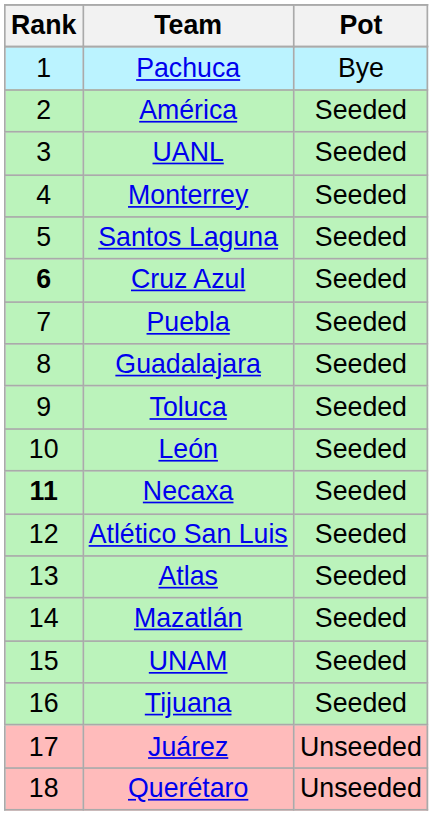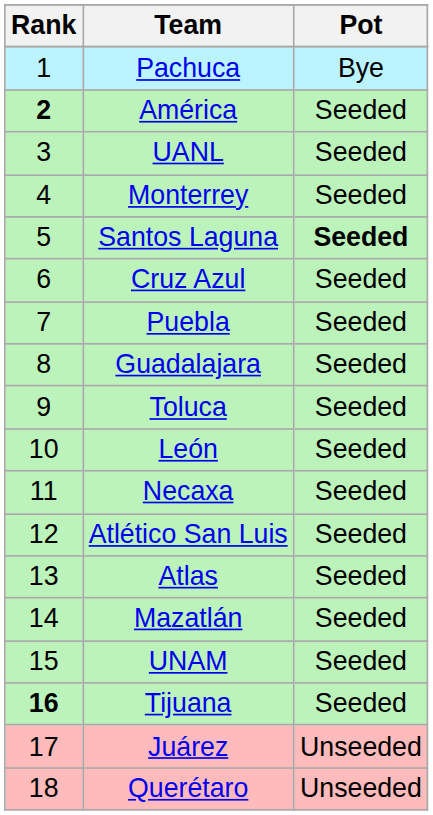 <table class="wikitable" style="text-align:center">
 <tr>
 </tr>
 <tr>
 <th>Rank</th>
 <th>Team</th>
 <th>Pot</th>
 </tr>
 <tr>
 </tr>
 <tr bgcolor=#BBF3FF>
 <td>1</td>
 <td><a href='#'>Pachuca</a></td>
 <td>Bye</td>
 </tr>
 <tr bgcolor=#BBF3BB>
-<td>2</td>
+<td><strong>2</strong></td>
 <td><a href='#'>América</a></td>
 <td>Seeded</td>
 </tr>
 <tr bgcolor=#BBF3BB>
 <td>3</td>
 <td><a href='#'>UANL</a></td>
 <td>Seeded</td>
 </tr>
 <tr bgcolor=#BBF3BB>
 <td>4</td>
 <td><a href='#'>Monterrey</a></td>
 <td>Seeded</td>
 </tr>
 <tr bgcolor=#BBF3BB>
 <td>5</td>
 <td><a href='#'>Santos Laguna</a></td>
-<td>Seeded</td>
+<td><strong>Seeded</strong></td>
 </tr>
 <tr bgcolor=#BBF3BB>
-<td><strong>6</strong></td>
+<td>6</td>
 <td><a href='#'>Cruz Azul</a></td>
 <td>Seeded</td>
 </tr>
 <tr bgcolor=#BBF3BB>
 <td>7</td>
 <td><a href='#'>Puebla</a></td>
 <td>Seeded</td>
 </tr>
 <tr bgcolor=#BBF3BB>
 <td>8</td>
 <td><a href='#'>Guadalajara</a></td>
 <td>Seeded</td>
 </tr>
 <tr bgcolor=#BBF3BB>
 <td>9</td>
 <td><a href='#'>Toluca</a></td>
 <td>Seeded</td>
 </tr>
 <tr bgcolor=#BBF3BB>
 <td>10</td>
 <td><a href='#'>León</a></td>
 <td>Seeded</td>
 </tr>
 <tr bgcolor=#BBF3BB>
-<td><strong>11</strong></td>
+<td>11</td>
 <td><a href='#'>Necaxa</a></td>
 <td>Seeded</td>
 </tr>
 <tr bgcolor=#BBF3BB>
 <td>12</td>
 <td><a href='#'>Atlético San Luis</a></td>
 <td>Seeded</td>
 </tr>
 <tr bgcolor=#BBF3BB>
 <td>13</td>
 <td><a href='#'>Atlas</a></td>
 <td>Seeded</td>
 </tr>
 <tr bgcolor=#BBF3BB>
 <td>14</td>
 <td><a href='#'>Mazatlán</a></td>
 <td>Seeded</td>
 </tr>
 <tr bgcolor=#BBF3BB>
 <td>15</td>
 <td><a href='#'>UNAM</a></td>
 <td>Seeded</td>
 </tr>
 <tr bgcolor=#BBF3BB>
-<td>16</td>
+<td><strong>16</strong></td>
 <td><a href='#'>Tijuana</a></td>
 <td>Seeded</td>
 </tr>
 <tr bgcolor=#FFBBBB>
 <td>17</td>
 <td><a href='#'>Juárez</a></td>
 <td>Unseeded</td>
 </tr>
 <tr bgcolor=#FFBBBB>
 <td>18</td>
 <td><a href='#'>Querétaro</a></td>
 <td>Unseeded</td>
 </tr>
 </table>
